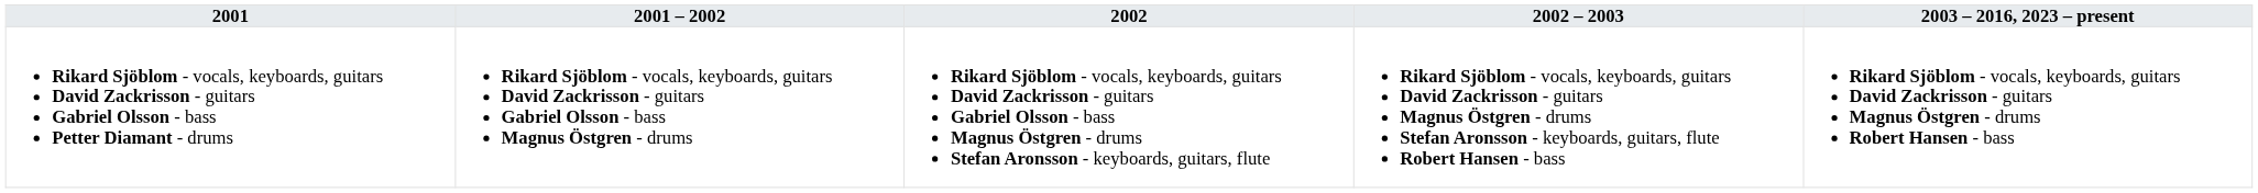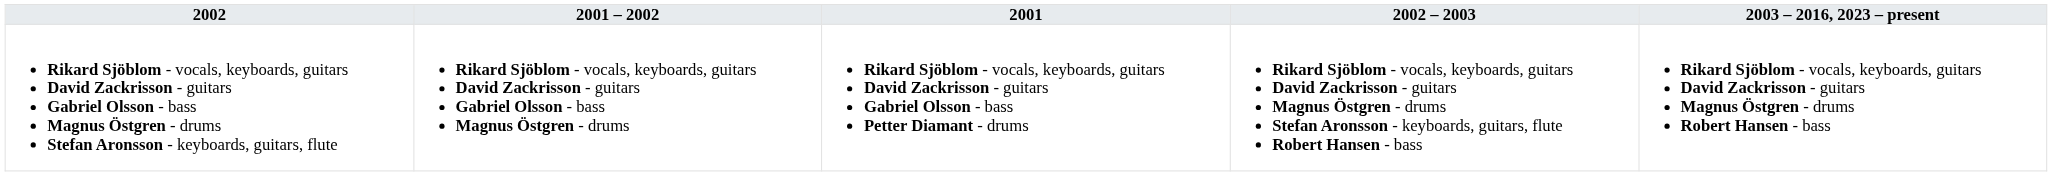 <table class="toccolours" border=1 cellpadding=0 cellspacing=0 style="float: width: 375px; margin: 0 0 1em 1em; border-collapse: collapse; border: 1px solid #E2E2E2;" width=99%>
 <tr>
+<th bgcolor="#E7EBEE" valign=top width=20%>2002</th>
+<th bgcolor="#E7EBEE" valign=top width=20%>2001 – 2002</th>
 <th bgcolor="#E7EBEE" valign=top width=20%>2001</th>
-<th bgcolor="#E7EBEE" valign=top width=20%>2001 – 2002</th>
-<th bgcolor="#E7EBEE" valign=top width=20%>2002</th>
 <th bgcolor="#E7EBEE" valign=top width=20%>2002 – 2003</th>
 <th bgcolor="#E7EBEE" valign=top width=20%>2003 – 2016, 2023 – present</th>
 </tr>
 <tr>
+<td valign=top><br><ul><li><strong>Rikard Sjöblom</strong> - vocals, keyboards, guitars</li><li><strong>David Zackrisson</strong> - guitars</li><li><strong>Gabriel Olsson</strong> - bass</li><li><strong>Magnus Östgren</strong> - drums</li><li><strong>Stefan Aronsson</strong> - keyboards, guitars, flute</li></ul></td>
+<td valign=top><br><ul><li><strong>Rikard Sjöblom</strong> - vocals, keyboards, guitars</li><li><strong>David Zackrisson</strong> - guitars</li><li><strong>Gabriel Olsson</strong> - bass</li><li><strong>Magnus Östgren</strong> - drums</li></ul></td>
 <td valign=top><br><ul><li><strong>Rikard Sjöblom</strong> - vocals, keyboards, guitars</li><li><strong>David Zackrisson</strong> - guitars</li><li><strong>Gabriel Olsson</strong> - bass</li><li><strong>Petter Diamant</strong> - drums</li></ul></td>
-<td valign=top><br><ul><li><strong>Rikard Sjöblom</strong> - vocals, keyboards, guitars</li><li><strong>David Zackrisson</strong> - guitars</li><li><strong>Gabriel Olsson</strong> - bass</li><li><strong>Magnus Östgren</strong> - drums</li></ul></td>
-<td valign=top><br><ul><li><strong>Rikard Sjöblom</strong> - vocals, keyboards, guitars</li><li><strong>David Zackrisson</strong> - guitars</li><li><strong>Gabriel Olsson</strong> - bass</li><li><strong>Magnus Östgren</strong> - drums</li><li><strong>Stefan Aronsson</strong> - keyboards, guitars, flute</li></ul></td>
 <td valign=top><br><ul><li><strong>Rikard Sjöblom</strong> - vocals, keyboards, guitars</li><li><strong>David Zackrisson</strong> - guitars</li><li><strong>Magnus Östgren</strong> - drums</li><li><strong>Stefan Aronsson</strong> - keyboards, guitars, flute</li><li><strong>Robert Hansen</strong> - bass</li></ul></td>
 <td valign=top><br><ul><li><strong>Rikard Sjöblom</strong> - vocals, keyboards, guitars</li><li><strong>David Zackrisson</strong> - guitars</li><li><strong>Magnus Östgren</strong> - drums</li><li><strong>Robert Hansen</strong> - bass</li></ul></td>
 </tr>
 </table>
